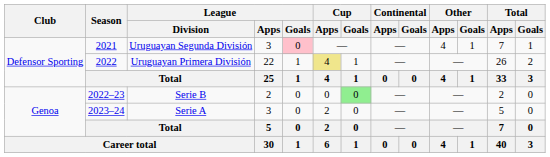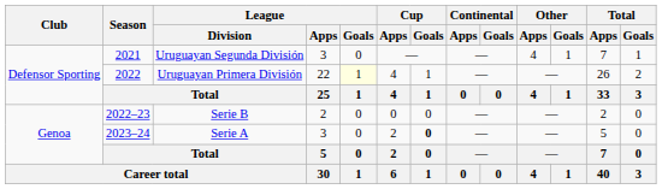 <table class="wikitable" Style="text-align: center">
 <tr>
 <th rowspan="2">Club</th>
 <th rowspan="2">Season</th>
 <th colspan="3">League</th>
 <th colspan="2">Cup</th>
 <th colspan="2">Continental</th>
 <th colspan="2">Other</th>
 <th colspan="2">Total</th>
 </tr>
 <tr>
 <th>Division</th>
 <th>Apps</th>
 <th>Goals</th>
 <th>Apps</th>
 <th>Goals</th>
 <th>Apps</th>
 <th>Goals</th>
 <th>Apps</th>
 <th>Goals</th>
 <th>Apps</th>
 <th>Goals</th>
 </tr>
 <tr>
 <td rowspan="3"><a href='#'>Defensor Sporting</a></td>
 <td><a href='#'>2021</a></td>
 <td><a href='#'>Uruguayan Segunda División</a></td>
 <td>3</td>
-<td style="background: pink;">0</td>
+<td>0</td>
 <td colspan="2">—</td>
 <td colspan="2">—</td>
 <td>4</td>
 <td>1</td>
 <td>7</td>
 <td>1</td>
 </tr>
 <tr>
 <td><a href='#'>2022</a></td>
 <td><a href='#'>Uruguayan Primera División</a></td>
 <td>22</td>
-<td>1</td>
-<td style="background: khaki;">4</td>
+<td style="background: lightyellow;">1</td>
+<td>4</td>
 <td>1</td>
 <td colspan="2">—</td>
 <td colspan="2">—</td>
 <td>26</td>
 <td>2</td>
 </tr>
 <tr>
 <th colspan="2">Total</th>
 <th>25</th>
 <th>1</th>
 <th>4</th>
 <th>1</th>
 <th>0</th>
 <th>0</th>
 <th>4</th>
 <th>1</th>
 <th>33</th>
 <th>3</th>
 </tr>
 <tr>
 <td rowspan="3"><a href='#'>Genoa</a></td>
 <td><a href='#'>2022–23</a></td>
 <td><a href='#'>Serie B</a></td>
 <td>2</td>
 <td>0</td>
 <td>0</td>
-<td style="background: lightgreen;">0</td>
+<td>0</td>
 <td colspan="2">—</td>
 <td colspan="2">—</td>
 <td>2</td>
 <td>0</td>
 </tr>
 <tr>
 <td><a href='#'>2023–24</a></td>
 <td><a href='#'>Serie A</a></td>
 <td>3</td>
 <td>0</td>
 <td>2</td>
-<td>0</td>
+<td><strong>0</strong></td>
 <td colspan="2">—</td>
 <td colspan="2">—</td>
 <td>5</td>
 <td>0</td>
 </tr>
 <tr>
 <th colspan="2">Total</th>
 <th>5</th>
 <th>0</th>
 <th>2</th>
 <th>0</th>
 <th colspan="2">—</th>
 <th colspan="2">—</th>
 <th>7</th>
 <th>0</th>
 </tr>
 <tr>
 <th colspan="3">Career total</th>
 <th>30</th>
 <th>1</th>
 <th>6</th>
 <th>1</th>
 <th>0</th>
 <th>0</th>
 <th>4</th>
 <th>1</th>
 <th>40</th>
 <th>3</th>
 </tr>
 </table>
